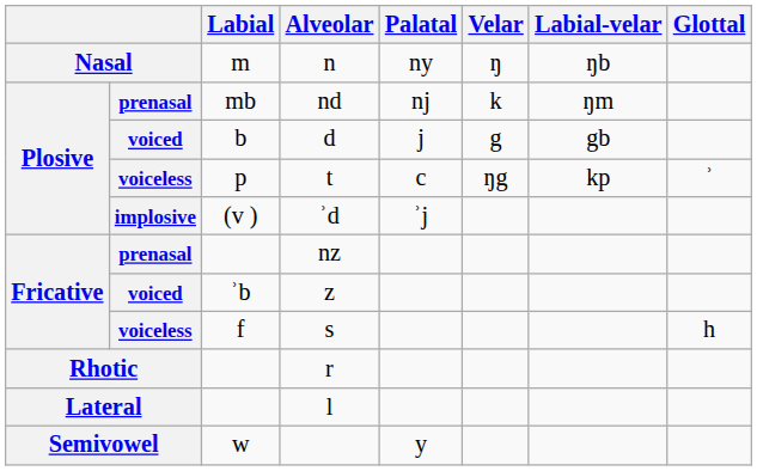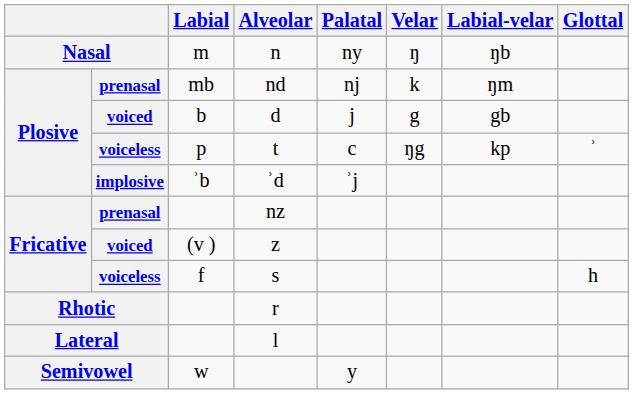 <table class="wikitable" style=text-align:center>
 <tr>
 <th colspan=2></th>
 <th><a href='#'>Labial</a></th>
 <th><a href='#'>Alveolar</a></th>
 <th><a href='#'>Palatal</a></th>
 <th><a href='#'>Velar</a></th>
 <th><a href='#'>Labial-velar</a></th>
 <th><a href='#'>Glottal</a></th>
 </tr>
 <tr>
 <th colspan="2"><a href='#'>Nasal</a></th>
 <td>m </td>
 <td>n </td>
 <td>ny </td>
 <td>ŋ </td>
 <td>ŋb </td>
 <td></td>
 </tr>
 <tr>
 <th rowspan=4><a href='#'>Plosive</a></th>
 <th><small><a href='#'>prenasal</a></small></th>
 <td>mb </td>
 <td>nd </td>
 <td>nj </td>
 <td>k </td>
 <td>ŋm </td>
 <td></td>
 </tr>
 <tr>
 <th><small><a href='#'>voiced</a></small></th>
 <td>b </td>
 <td>d </td>
 <td>j </td>
 <td>g </td>
 <td>gb </td>
 <td></td>
 </tr>
 <tr>
 <th><small><a href='#'>voiceless</a></small></th>
 <td>p </td>
 <td>t </td>
 <td>c </td>
 <td>ŋg </td>
 <td>kp </td>
 <td>ʾ </td>
 </tr>
 <tr>
 <th><small><a href='#'>implosive</a></small></th>
-<td>(v )</td>
+<td>ʾb </td>
 <td>ʾd </td>
 <td>ʾj </td>
 <td></td>
 <td></td>
 <td></td>
 </tr>
 <tr>
 <th rowspan=3><a href='#'>Fricative</a></th>
 <th><small><a href='#'>prenasal</a></small></th>
 <td></td>
 <td>nz </td>
 <td></td>
 <td></td>
 <td></td>
 <td></td>
 </tr>
 <tr>
 <th><small><a href='#'>voiced</a></small></th>
-<td>ʾb </td>
+<td>(v )</td>
 <td>z </td>
 <td></td>
 <td></td>
 <td></td>
 <td></td>
 </tr>
 <tr>
 <th><small><a href='#'>voiceless</a></small></th>
 <td>f </td>
 <td>s </td>
 <td></td>
 <td></td>
 <td></td>
 <td>h </td>
 </tr>
 <tr>
 <th colspan=2><a href='#'>Rhotic</a></th>
 <td></td>
 <td>r </td>
 <td></td>
 <td></td>
 <td></td>
 <td></td>
 </tr>
 <tr>
 <th colspan=2><a href='#'>Lateral</a></th>
 <td></td>
 <td>l </td>
 <td></td>
 <td></td>
 <td></td>
 <td></td>
 </tr>
 <tr>
 <th colspan="2"><a href='#'>Semivowel</a></th>
 <td>w </td>
 <td></td>
 <td>y </td>
 <td></td>
 <td></td>
 <td></td>
 </tr>
 </table>
